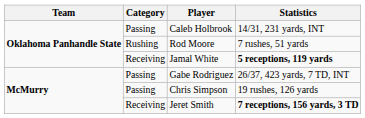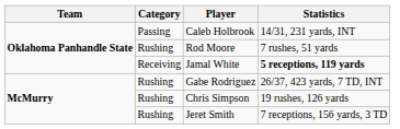 <table class="wikitable" style="float: left;">
 <tr>
 <th>Team</th>
 <th>Category</th>
 <th>Player</th>
 <th>Statistics</th>
 </tr>
 <tr>
 <td rowspan=3><strong>Oklahoma Panhandle State</strong></td>
 <td>Passing</td>
 <td>Caleb Holbrook</td>
 <td>14/31, 231 yards, INT</td>
 </tr>
 <tr>
 <td>Rushing</td>
 <td>Rod Moore</td>
 <td>7 rushes, 51 yards</td>
 </tr>
 <tr>
 <td>Receiving</td>
 <td>Jamal White</td>
 <td><strong>5 receptions, 119 yards</strong></td>
 </tr>
 <tr>
 <td rowspan=3><strong>McMurry</strong></td>
-<td>Passing</td>
+<td>Rushing</td>
 <td>Gabe Rodriguez</td>
 <td>26/37, 423 yards, 7 TD, INT</td>
 </tr>
 <tr>
-<td>Passing</td>
+<td>Rushing</td>
 <td>Chris Simpson</td>
 <td>19 rushes, 126 yards</td>
 </tr>
 <tr>
-<td>Receiving</td>
+<td>Rushing</td>
 <td>Jeret Smith</td>
-<td><strong>7 receptions, 156 yards, 3 TD</strong></td>
+<td>7 receptions, 156 yards, 3 TD</td>
 </tr>
 </table>
